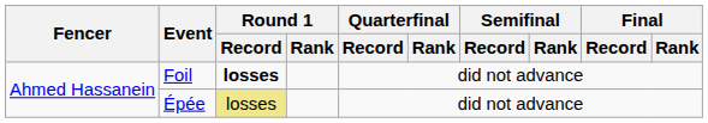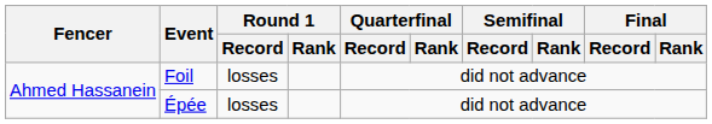 <table class=wikitable style="font-size:90%">
 <tr>
 <th rowspan="2">Fencer</th>
 <th rowspan="2">Event</th>
 <th colspan="2">Round 1</th>
 <th colspan="2">Quarterfinal</th>
 <th colspan="2">Semifinal</th>
 <th colspan="2">Final</th>
 </tr>
 <tr>
 <th>Record</th>
 <th>Rank</th>
 <th>Record</th>
 <th>Rank</th>
 <th>Record</th>
 <th>Rank</th>
 <th>Record</th>
 <th>Rank</th>
 </tr>
 <tr>
 <td rowspan=2><a href='#'>Ahmed Hassanein</a></td>
 <td><a href='#'>Foil</a></td>
-<td align=center><strong>losses</strong></td>
+<td align=center>losses</td>
 <td align=center></td>
 <td align=center colspan=6>did not advance</td>
 </tr>
 <tr>
 <td><a href='#'>Épée</a></td>
-<td align=center style="background: khaki;">losses</td>
+<td align=center>losses</td>
 <td align=center></td>
 <td align=center colspan=6>did not advance</td>
 </tr>
 </table>
